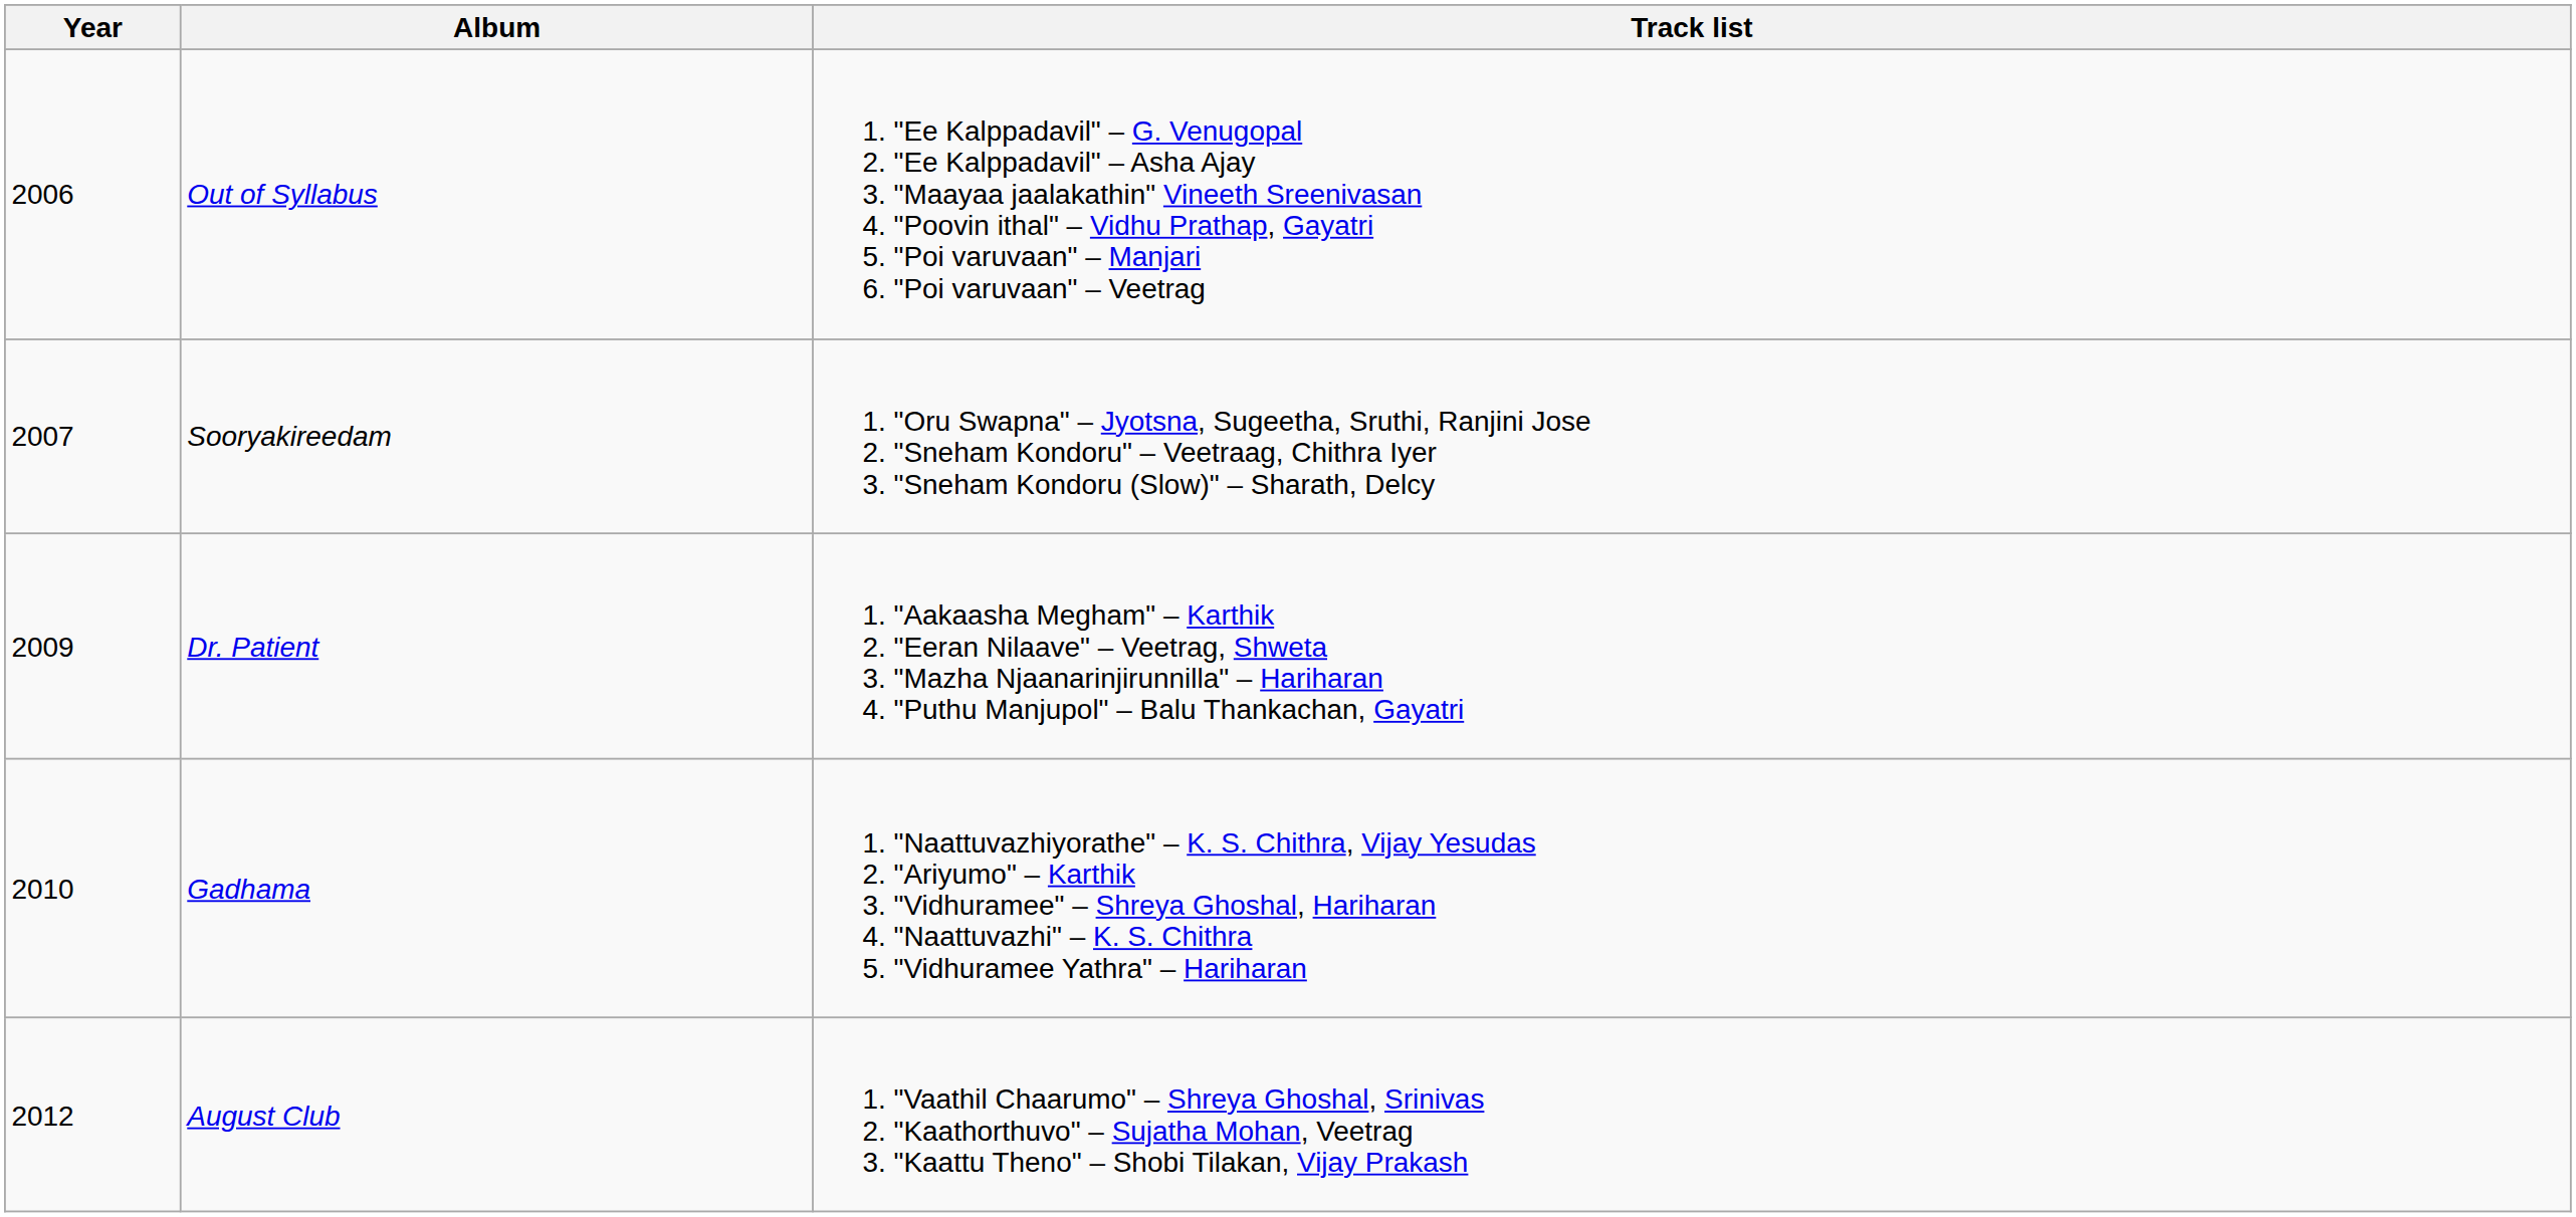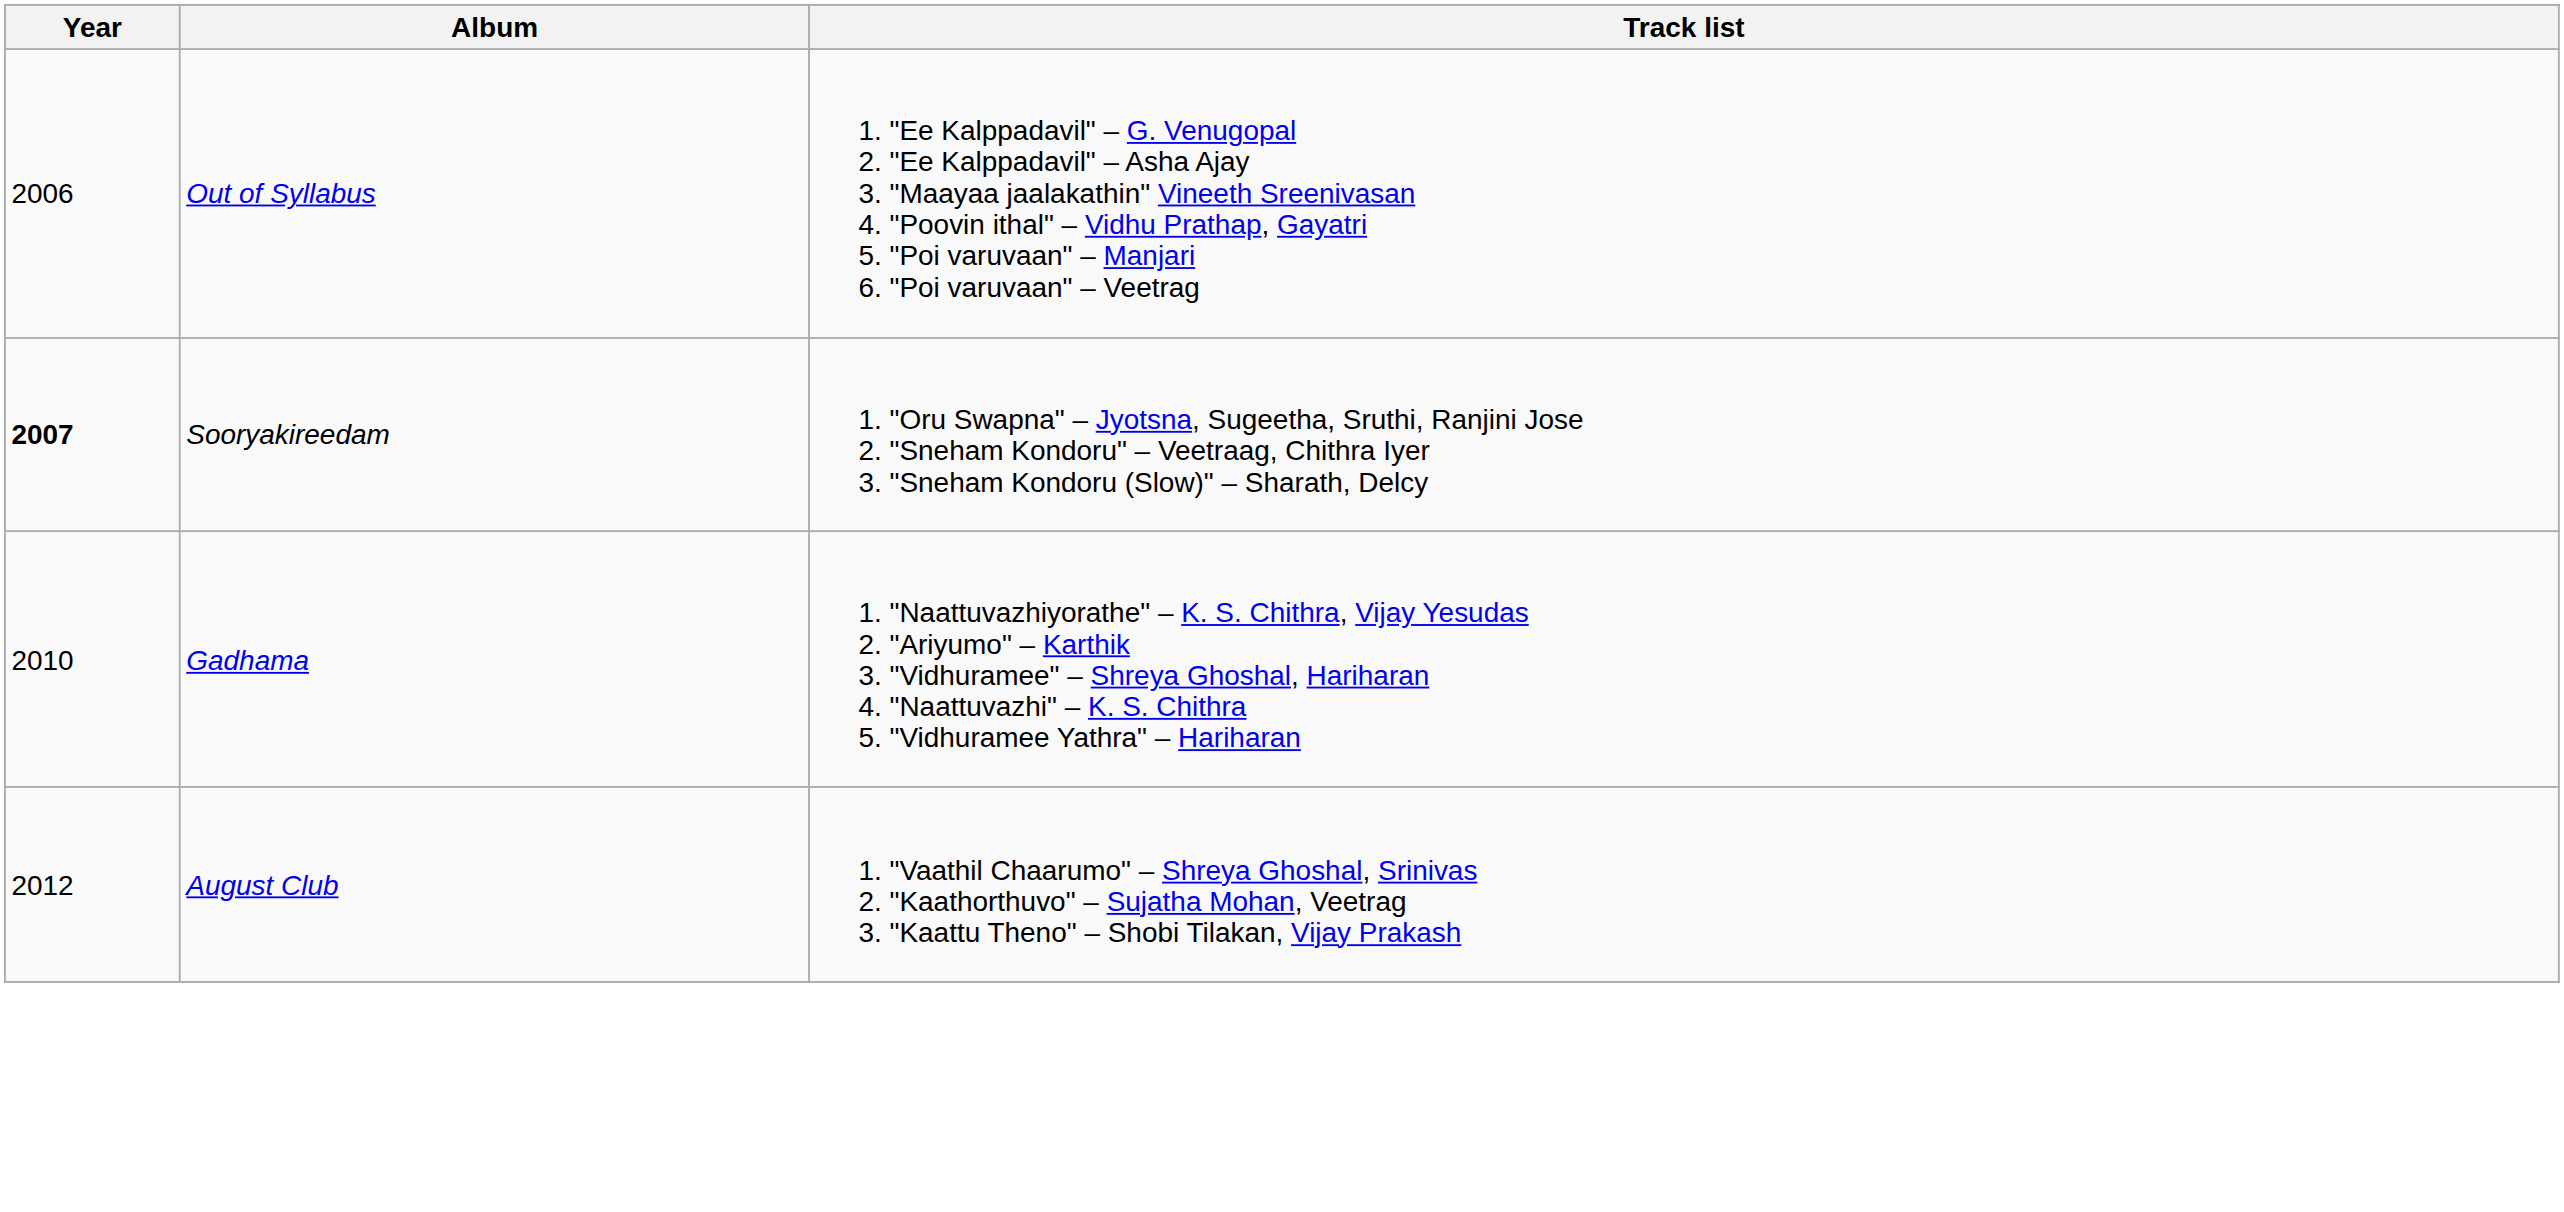 <table class="wikitable" width="70%" cellpadding="5" style="font-size: 95%">
 <tr>
 <th width="5%">Year</th>
 <th width="18%">Album</th>
 <th width="50%">Track list</th>
 </tr>
 <tr>
 <td>2006</td>
 <td><em><a href='#'>Out of Syllabus</a></em></td>
 <td><br><ol><li>"Ee Kalppadavil" – <a href='#'>G. Venugopal</a></li><li>"Ee Kalppadavil" – Asha Ajay</li><li>"Maayaa jaalakathin" <a href='#'>Vineeth Sreenivasan</a></li><li>"Poovin ithal" – <a href='#'>Vidhu Prathap</a>, <a href='#'>Gayatri</a></li><li>"Poi varuvaan" – <a href='#'>Manjari</a></li><li>"Poi varuvaan" – Veetrag</li></ol></td>
 </tr>
 <tr>
-<td>2007</td>
+<td><strong>2007</strong></td>
 <td><em>Sooryakireedam</em></td>
 <td><br><ol><li>"Oru Swapna" – <a href='#'>Jyotsna</a>, Sugeetha, Sruthi, Ranjini Jose</li><li>"Sneham Kondoru" – Veetraag, Chithra Iyer</li><li>"Sneham Kondoru (Slow)" – Sharath, Delcy</li></ol></td>
-</tr>
-<tr>
-<td>2009</td>
-<td><em><a href='#'>Dr. Patient</a></em></td>
-<td><br><ol><li>"Aakaasha Megham" – <a href='#'>Karthik</a></li><li>"Eeran Nilaave" – Veetrag, <a href='#'>Shweta</a></li><li>"Mazha Njaanarinjirunnilla" – <a href='#'>Hariharan</a></li><li>"Puthu Manjupol" – Balu Thankachan, <a href='#'>Gayatri</a></li></ol></td>
 </tr>
 <tr>
 <td>2010</td>
 <td><em><a href='#'>Gadhama</a></em></td>
 <td><br><ol><li>"Naattuvazhiyorathe" – <a href='#'>K. S. Chithra</a>, <a href='#'>Vijay Yesudas</a></li><li>"Ariyumo" – <a href='#'>Karthik</a></li><li>"Vidhuramee" – <a href='#'>Shreya Ghoshal</a>, <a href='#'>Hariharan</a></li><li>"Naattuvazhi" – <a href='#'>K. S. Chithra</a></li><li>"Vidhuramee Yathra" – <a href='#'>Hariharan</a></li></ol></td>
 </tr>
 <tr>
 <td>2012</td>
 <td><em><a href='#'>August Club</a></em></td>
 <td><br><ol><li>"Vaathil Chaarumo" – <a href='#'>Shreya Ghoshal</a>, <a href='#'>Srinivas</a></li><li>"Kaathorthuvo" – <a href='#'>Sujatha Mohan</a>, Veetrag</li><li>"Kaattu Theno" – Shobi Tilakan, <a href='#'>Vijay Prakash</a></li></ol></td>
 </tr>
 </table>
